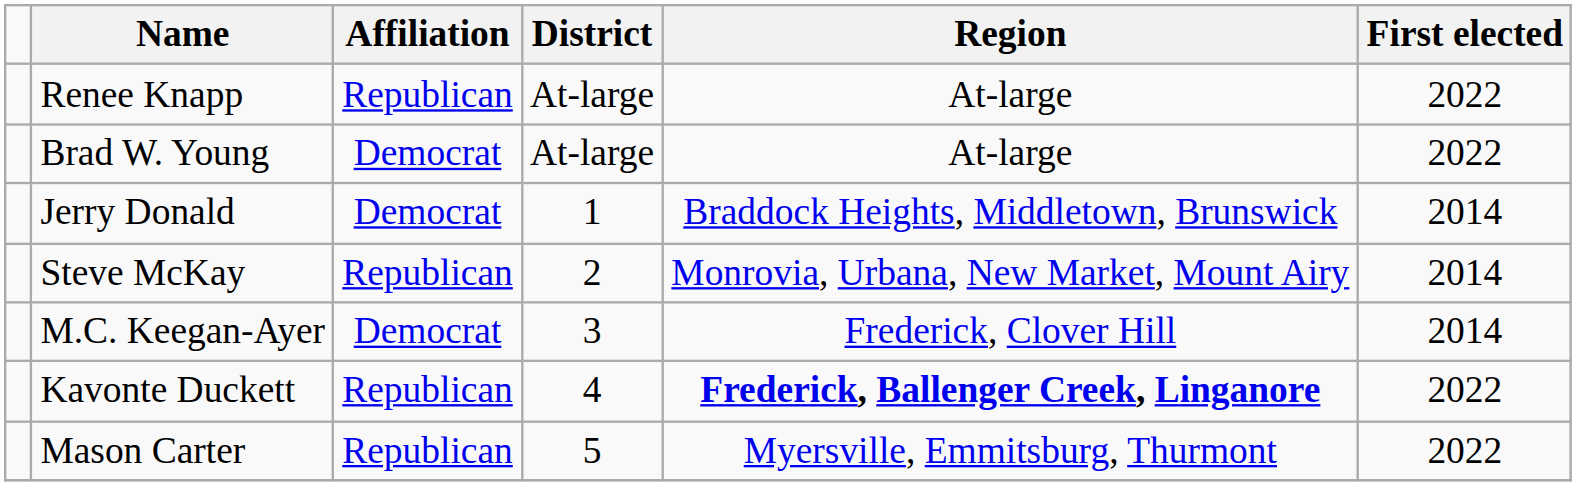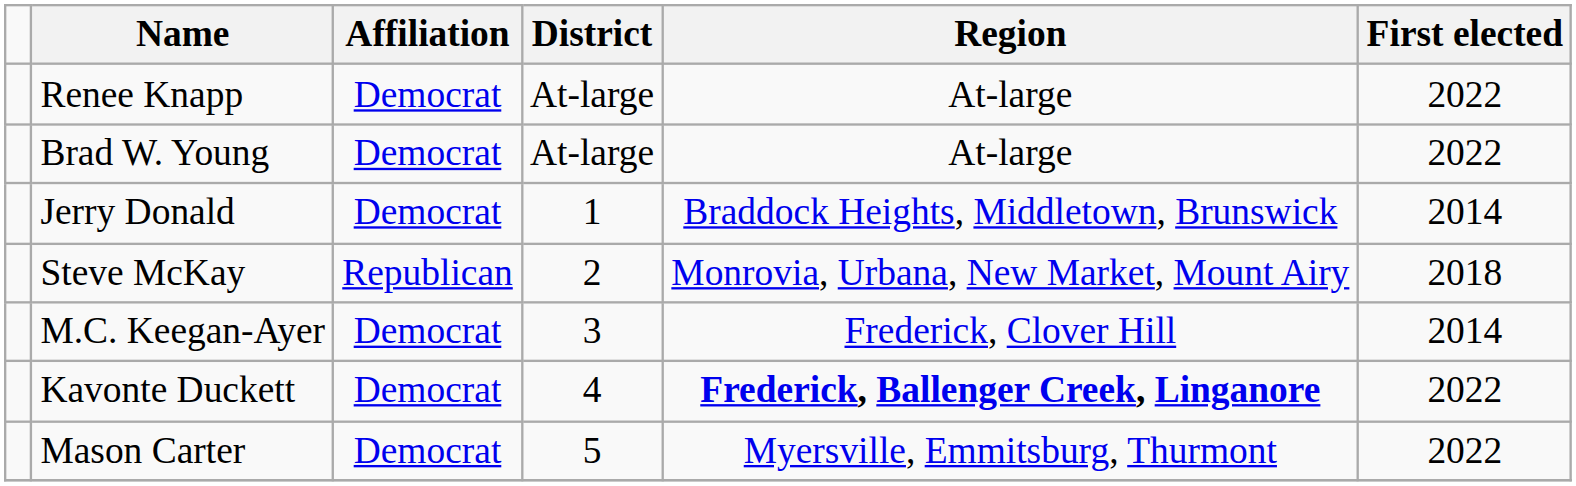 <table class=wikitable>
 <tr>
 <td> </td>
 <th style="text-align:center;">Name</th>
 <th valign=bottom>Affiliation</th>
 <th style="vertical-align:bottom; text-align:center;">District</th>
 <th style="vertical-align:bottom; text-align:center;">Region</th>
 <th style="vertical-align:bottom; text-align:center;">First elected</th>
 </tr>
 <tr>
 <td style="background-color:"> </td>
 <td>Renee Knapp</td>
-<td style="text-align:center;"><a href='#'>Republican</a></td>
+<td style="text-align:center;"><a href='#'>Democrat</a></td>
 <td style="text-align:center;">At-large</td>
 <td style="text-align:center;">At-large</td>
 <td style="text-align:center;">2022</td>
 </tr>
 <tr>
 <td style="background-color:"> </td>
 <td>Brad W. Young</td>
 <td style="text-align:center;"><a href='#'>Democrat</a></td>
 <td style="text-align:center;">At-large</td>
 <td style="text-align:center;">At-large</td>
 <td style="text-align:center;">2022</td>
 </tr>
 <tr>
 <td style="background-color:"> </td>
 <td>Jerry Donald</td>
 <td style="text-align:center;"><a href='#'>Democrat</a></td>
 <td style="text-align:center;">1</td>
 <td style="text-align:center;"><a href='#'>Braddock Heights</a>, <a href='#'>Middletown</a>, <a href='#'>Brunswick</a></td>
 <td style="text-align:center;">2014</td>
 </tr>
 <tr>
 <td style="background-color:"> </td>
 <td>Steve McKay</td>
 <td style="text-align:center;"><a href='#'>Republican</a></td>
 <td style="text-align:center;">2</td>
 <td style="text-align:center;"><a href='#'>Monrovia</a>, <a href='#'>Urbana</a>, <a href='#'>New Market</a>, <a href='#'>Mount Airy</a></td>
-<td style="text-align:center;">2014</td>
+<td style="text-align:center;">2018</td>
 </tr>
 <tr>
 <td style="background-color:"> </td>
 <td>M.C. Keegan-Ayer</td>
 <td style="text-align:center;"><a href='#'>Democrat</a></td>
 <td style="text-align:center;">3</td>
 <td style="text-align:center;"><a href='#'>Frederick</a>, <a href='#'>Clover Hill</a></td>
 <td style="text-align:center;">2014</td>
 </tr>
 <tr>
 <td style="background-color:"> </td>
 <td>Kavonte Duckett</td>
-<td style="text-align:center;"><a href='#'>Republican</a></td>
+<td style="text-align:center;"><a href='#'>Democrat</a></td>
 <td style="text-align:center;">4</td>
 <td style="text-align:center;"><strong><a href='#'>Frederick</a>, <a href='#'>Ballenger Creek</a>, <a href='#'>Linganore</a></strong></td>
 <td style="text-align:center;">2022</td>
 </tr>
 <tr>
 <td style="background-color:"> </td>
 <td>Mason Carter</td>
-<td style="text-align:center;"><a href='#'>Republican</a></td>
+<td style="text-align:center;"><a href='#'>Democrat</a></td>
 <td style="text-align:center;">5</td>
 <td style="text-align:center;"><a href='#'>Myersville</a>, <a href='#'>Emmitsburg</a>, <a href='#'>Thurmont</a></td>
 <td style="text-align:center;">2022</td>
 </tr>
 <tr>
 </tr>
 </table>
